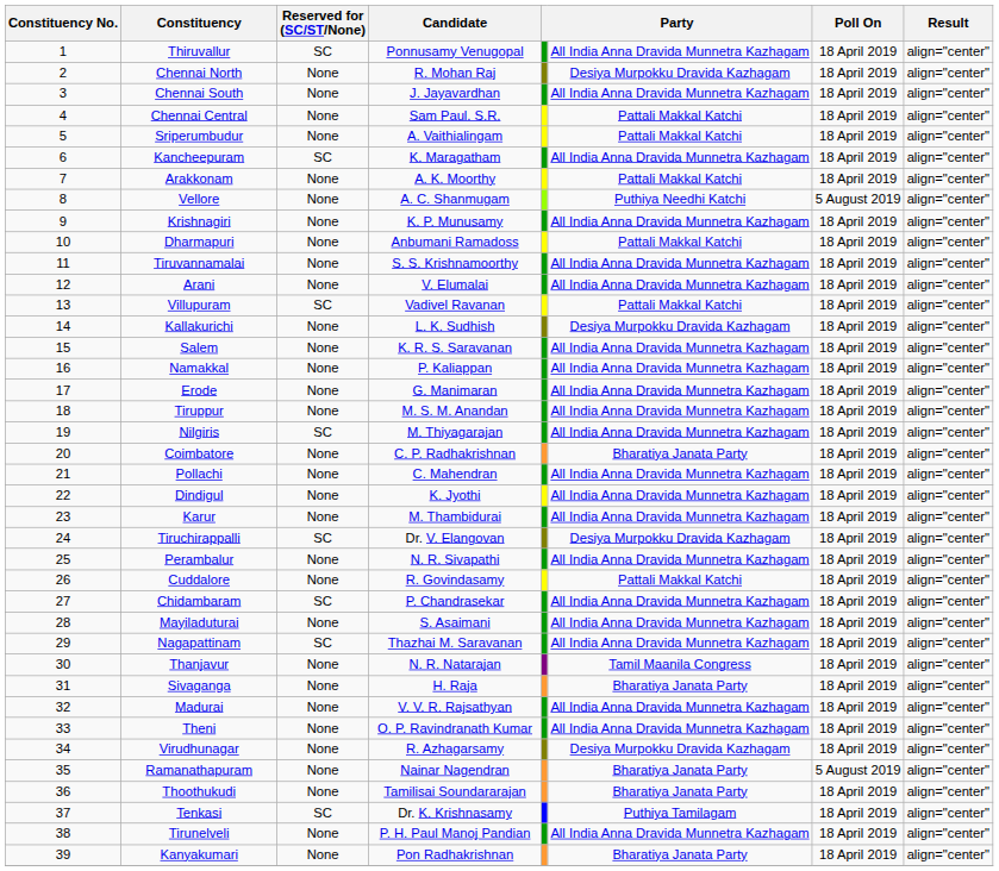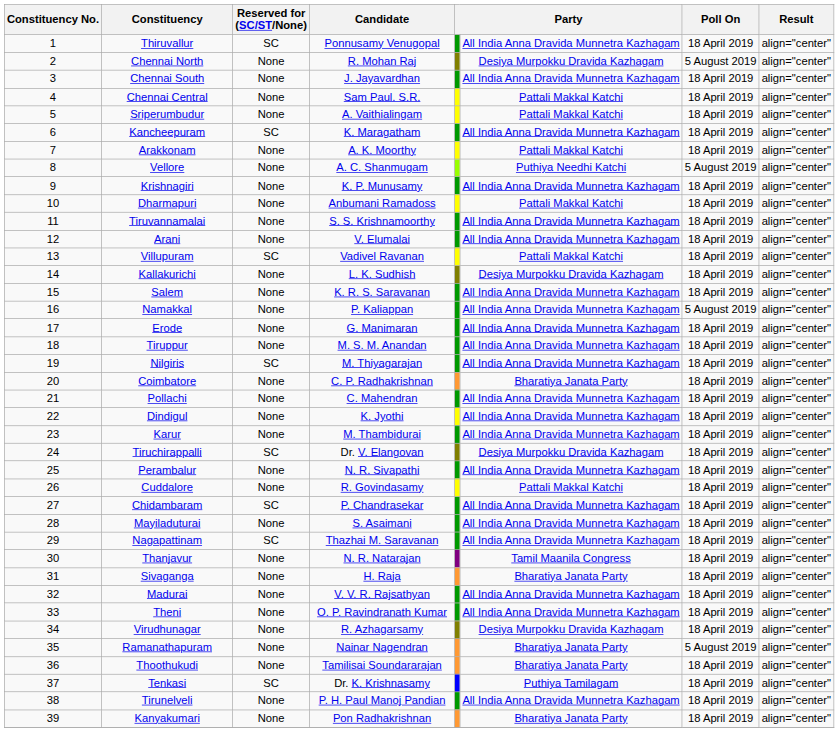 <table class="wikitable sortable" style="text-align:center;">
 <tr>
 <th>Constituency No.</th>
 <th style="width:180px;">Constituency</th>
 <th>Reserved for<br>(<a href='#'>SC/ST</a>/None)</th>
 <th style="width:200px;">Candidate</th>
 <th colspan="2">Party</th>
 <th>Poll On</th>
 <th>Result</th>
 </tr>
 <tr>
 <td align="center">1</td>
 <td><a href='#'>Thiruvallur</a></td>
 <td align="center">SC</td>
 <td><a href='#'>Ponnusamy Venugopal</a></td>
 <td bgcolor=#009900></td>
 <td><a href='#'>All India Anna Dravida Munnetra Kazhagam</a></td>
 <td align="center">18 April 2019</td>
 <td>align="center" </td>
 </tr>
 <tr>
 <td align="center">2</td>
 <td><a href='#'>Chennai North</a></td>
 <td align="center">None</td>
 <td><a href='#'>R. Mohan Raj</a></td>
 <td bgcolor=#808000></td>
 <td><a href='#'>Desiya Murpokku Dravida Kazhagam</a></td>
-<td align="center">18 April 2019</td>
+<td align="center">5 August 2019</td>
 <td>align="center" </td>
 </tr>
 <tr>
 <td align="center">3</td>
 <td><a href='#'>Chennai South</a></td>
 <td align="center">None</td>
 <td><a href='#'>J. Jayavardhan</a></td>
 <td bgcolor=#009900></td>
 <td><a href='#'>All India Anna Dravida Munnetra Kazhagam</a></td>
 <td align="center">18 April 2019</td>
 <td>align="center" </td>
 </tr>
 <tr>
 <td align="center">4</td>
 <td><a href='#'>Chennai Central</a></td>
 <td align="center">None</td>
 <td><a href='#'>Sam Paul. S.R.</a></td>
 <td bgcolor=#FFFF00></td>
 <td><a href='#'>Pattali Makkal Katchi</a></td>
 <td align="center">18 April 2019</td>
 <td>align="center" </td>
 </tr>
 <tr>
 <td align="center">5</td>
 <td><a href='#'>Sriperumbudur</a></td>
 <td align="center">None</td>
 <td><a href='#'>A. Vaithialingam</a></td>
 <td bgcolor=#FFFF00></td>
 <td><a href='#'>Pattali Makkal Katchi</a></td>
 <td align="center">18 April 2019</td>
 <td>align="center" </td>
 </tr>
 <tr>
 <td align="center">6</td>
 <td><a href='#'>Kancheepuram</a></td>
 <td align="center">SC</td>
 <td><a href='#'>K. Maragatham</a></td>
 <td bgcolor=#009900></td>
 <td><a href='#'>All India Anna Dravida Munnetra Kazhagam</a></td>
 <td align="center">18 April 2019</td>
 <td>align="center" </td>
 </tr>
 <tr>
 <td align="center">7</td>
 <td><a href='#'>Arakkonam</a></td>
 <td align="center">None</td>
 <td><a href='#'>A. K. Moorthy</a></td>
 <td bgcolor=#FFFF00></td>
 <td><a href='#'>Pattali Makkal Katchi</a></td>
 <td align="center">18 April 2019</td>
 <td>align="center" </td>
 </tr>
 <tr>
 <td align="center">8</td>
 <td><a href='#'>Vellore</a></td>
 <td align="center">None</td>
 <td><a href='#'>A. C. Shanmugam</a></td>
 <td bgcolor=#99FF00></td>
 <td><a href='#'>Puthiya Needhi Katchi</a></td>
 <td align="center">5 August 2019</td>
 <td>align="center" </td>
 </tr>
 <tr>
 <td align="center">9</td>
 <td><a href='#'>Krishnagiri</a></td>
 <td align="center">None</td>
 <td><a href='#'>K. P. Munusamy</a></td>
 <td bgcolor=#009900></td>
 <td><a href='#'>All India Anna Dravida Munnetra Kazhagam</a></td>
 <td align="center">18 April 2019</td>
 <td>align="center" </td>
 </tr>
 <tr>
 <td align="center">10</td>
 <td><a href='#'>Dharmapuri</a></td>
 <td align="center">None</td>
 <td><a href='#'>Anbumani Ramadoss</a></td>
 <td bgcolor=#FFFF00></td>
 <td><a href='#'>Pattali Makkal Katchi</a></td>
 <td align="center">18 April 2019</td>
 <td>align="center" </td>
 </tr>
 <tr>
 <td align="center">11</td>
 <td><a href='#'>Tiruvannamalai</a></td>
 <td align="center">None</td>
 <td><a href='#'>S. S. Krishnamoorthy</a></td>
 <td bgcolor=#009900></td>
 <td><a href='#'>All India Anna Dravida Munnetra Kazhagam</a></td>
 <td align="center">18 April 2019</td>
 <td>align="center" </td>
 </tr>
 <tr>
 <td align="center">12</td>
 <td><a href='#'>Arani</a></td>
 <td align="center">None</td>
 <td><a href='#'>V. Elumalai</a></td>
 <td bgcolor=#009900></td>
 <td><a href='#'>All India Anna Dravida Munnetra Kazhagam</a></td>
 <td align="center">18 April 2019</td>
 <td>align="center" </td>
 </tr>
 <tr>
 <td align="center">13</td>
 <td><a href='#'>Villupuram</a></td>
 <td align="center">SC</td>
 <td><a href='#'>Vadivel Ravanan</a></td>
 <td bgcolor=#FFFF00></td>
 <td><a href='#'>Pattali Makkal Katchi</a></td>
 <td align="center">18 April 2019</td>
 <td>align="center" </td>
 </tr>
 <tr>
 <td align="center">14</td>
 <td><a href='#'>Kallakurichi</a></td>
 <td align="center">None</td>
 <td><a href='#'>L. K. Sudhish</a></td>
 <td bgcolor=#808000></td>
 <td><a href='#'>Desiya Murpokku Dravida Kazhagam</a></td>
 <td align="center">18 April 2019</td>
 <td>align="center" </td>
 </tr>
 <tr>
 <td align="center">15</td>
 <td><a href='#'>Salem</a></td>
 <td align="center">None</td>
 <td><a href='#'>K. R. S. Saravanan</a></td>
 <td bgcolor=#009900></td>
 <td><a href='#'>All India Anna Dravida Munnetra Kazhagam</a></td>
 <td align="center">18 April 2019</td>
 <td>align="center" </td>
 </tr>
 <tr>
 <td align="center">16</td>
 <td><a href='#'>Namakkal</a></td>
 <td align="center">None</td>
 <td><a href='#'>P. Kaliappan</a></td>
 <td bgcolor=#009900></td>
 <td><a href='#'>All India Anna Dravida Munnetra Kazhagam</a></td>
-<td align="center">18 April 2019</td>
+<td align="center">5 August 2019</td>
 <td>align="center" </td>
 </tr>
 <tr>
 <td align="center">17</td>
 <td><a href='#'>Erode</a></td>
 <td align="center">None</td>
 <td><a href='#'>G. Manimaran</a></td>
 <td bgcolor=#009900></td>
 <td><a href='#'>All India Anna Dravida Munnetra Kazhagam</a></td>
 <td align="center">18 April 2019</td>
 <td>align="center" </td>
 </tr>
 <tr>
 <td align="center">18</td>
 <td><a href='#'>Tiruppur</a></td>
 <td align="center">None</td>
 <td><a href='#'>M. S. M. Anandan</a></td>
 <td bgcolor=#009900></td>
 <td><a href='#'>All India Anna Dravida Munnetra Kazhagam</a></td>
 <td align="center">18 April 2019</td>
 <td>align="center" </td>
 </tr>
 <tr>
 <td align="center">19</td>
 <td><a href='#'>Nilgiris</a></td>
 <td align="center">SC</td>
 <td><a href='#'>M. Thiyagarajan</a></td>
 <td bgcolor=#009900></td>
 <td><a href='#'>All India Anna Dravida Munnetra Kazhagam</a></td>
 <td align="center">18 April 2019</td>
 <td>align="center" </td>
 </tr>
 <tr>
 <td align="center">20</td>
 <td><a href='#'>Coimbatore</a></td>
 <td align="center">None</td>
 <td><a href='#'>C. P. Radhakrishnan</a></td>
 <td bgcolor=#FF9933></td>
 <td><a href='#'>Bharatiya Janata Party</a></td>
 <td align="center">18 April 2019</td>
 <td>align="center" </td>
 </tr>
 <tr>
 <td align="center">21</td>
 <td><a href='#'>Pollachi</a></td>
 <td align="center">None</td>
 <td><a href='#'>C. Mahendran</a></td>
 <td bgcolor=#009900></td>
 <td><a href='#'>All India Anna Dravida Munnetra Kazhagam</a></td>
 <td align="center">18 April 2019</td>
 <td>align="center" </td>
 </tr>
 <tr>
 <td align="center">22</td>
 <td><a href='#'>Dindigul</a></td>
 <td align="center">None</td>
 <td><a href='#'>K. Jyothi</a></td>
 <td bgcolor=#FFFF00></td>
 <td><a href='#'>All India Anna Dravida Munnetra Kazhagam</a></td>
 <td align="center">18 April 2019</td>
 <td>align="center" </td>
 </tr>
 <tr>
 <td align="center">23</td>
 <td><a href='#'>Karur</a></td>
 <td align="center">None</td>
 <td><a href='#'>M. Thambidurai</a></td>
 <td bgcolor=#009900></td>
 <td><a href='#'>All India Anna Dravida Munnetra Kazhagam</a></td>
 <td align="center">18 April 2019</td>
 <td>align="center" </td>
 </tr>
 <tr>
 <td align="center">24</td>
 <td><a href='#'>Tiruchirappalli</a></td>
 <td align="center">SC</td>
 <td>Dr. <a href='#'>V. Elangovan</a></td>
 <td bgcolor=#808000></td>
 <td><a href='#'>Desiya Murpokku Dravida Kazhagam</a></td>
 <td align="center">18 April 2019</td>
 <td>align="center" </td>
 </tr>
 <tr>
 <td align="center">25</td>
 <td><a href='#'>Perambalur</a></td>
 <td align="center">None</td>
 <td><a href='#'>N. R. Sivapathi</a></td>
 <td bgcolor=#009900></td>
 <td><a href='#'>All India Anna Dravida Munnetra Kazhagam</a></td>
 <td align="center">18 April 2019</td>
 <td>align="center" </td>
 </tr>
 <tr>
 <td align="center">26</td>
 <td><a href='#'>Cuddalore</a></td>
 <td align="center">None</td>
 <td><a href='#'>R. Govindasamy</a></td>
 <td bgcolor=#FFFF00></td>
 <td><a href='#'>Pattali Makkal Katchi</a></td>
 <td align="center">18 April 2019</td>
 <td>align="center" </td>
 </tr>
 <tr>
 <td align="center">27</td>
 <td><a href='#'>Chidambaram</a></td>
 <td align="center">SC</td>
 <td><a href='#'>P. Chandrasekar</a></td>
 <td bgcolor=#009900></td>
 <td><a href='#'>All India Anna Dravida Munnetra Kazhagam</a></td>
 <td align="center">18 April 2019</td>
 <td>align="center" </td>
 </tr>
 <tr>
 <td align="center">28</td>
 <td><a href='#'>Mayiladuturai</a></td>
 <td align="center">None</td>
 <td><a href='#'>S. Asaimani</a></td>
 <td bgcolor=#009900></td>
 <td><a href='#'>All India Anna Dravida Munnetra Kazhagam</a></td>
 <td align="center">18 April 2019</td>
 <td>align="center" </td>
 </tr>
 <tr>
 <td align="center">29</td>
 <td><a href='#'>Nagapattinam</a></td>
 <td align="center">SC</td>
 <td><a href='#'>Thazhai M. Saravanan</a></td>
 <td bgcolor=#009900></td>
 <td><a href='#'>All India Anna Dravida Munnetra Kazhagam</a></td>
 <td align="center">18 April 2019</td>
 <td>align="center" </td>
 </tr>
 <tr>
 <td align="center">30</td>
 <td><a href='#'>Thanjavur</a></td>
 <td align="center">None</td>
 <td><a href='#'>N. R. Natarajan</a></td>
 <td bgcolor=#800080></td>
 <td><a href='#'>Tamil Maanila Congress</a></td>
 <td align="center">18 April 2019</td>
 <td>align="center" </td>
 </tr>
 <tr>
 <td align="center">31</td>
 <td><a href='#'>Sivaganga</a></td>
 <td align="center">None</td>
 <td><a href='#'>H. Raja</a></td>
 <td bgcolor=#FF9933></td>
 <td><a href='#'>Bharatiya Janata Party</a></td>
 <td align="center">18 April 2019</td>
 <td>align="center" </td>
 </tr>
 <tr>
 <td align="center">32</td>
 <td><a href='#'>Madurai</a></td>
 <td align="center">None</td>
 <td><a href='#'>V. V. R. Rajsathyan</a></td>
 <td bgcolor=#009900></td>
 <td><a href='#'>All India Anna Dravida Munnetra Kazhagam</a></td>
 <td align="center">18 April 2019</td>
 <td>align="center" </td>
 </tr>
 <tr>
 <td align="center">33</td>
 <td><a href='#'>Theni</a></td>
 <td align="center">None</td>
 <td><a href='#'>O. P. Ravindranath Kumar</a></td>
 <td bgcolor=#009900></td>
 <td><a href='#'>All India Anna Dravida Munnetra Kazhagam</a></td>
 <td align="center">18 April 2019</td>
 <td>align="center" </td>
 </tr>
 <tr>
 <td align="center">34</td>
 <td><a href='#'>Virudhunagar</a></td>
 <td align="center">None</td>
 <td><a href='#'>R. Azhagarsamy</a></td>
 <td bgcolor=#808000></td>
 <td><a href='#'>Desiya Murpokku Dravida Kazhagam</a></td>
 <td align="center">18 April 2019</td>
 <td>align="center" </td>
 </tr>
 <tr>
 <td align="center">35</td>
 <td><a href='#'>Ramanathapuram</a></td>
 <td align="center">None</td>
 <td><a href='#'>Nainar Nagendran</a></td>
 <td bgcolor=#FF9933></td>
 <td><a href='#'>Bharatiya Janata Party</a></td>
 <td align="center">5 August 2019</td>
 <td>align="center" </td>
 </tr>
 <tr>
 <td align="center">36</td>
 <td><a href='#'>Thoothukudi</a></td>
 <td align="center">None</td>
 <td><a href='#'>Tamilisai Soundararajan</a></td>
 <td bgcolor=#FF9933></td>
 <td><a href='#'>Bharatiya Janata Party</a></td>
 <td align="center">18 April 2019</td>
 <td>align="center" </td>
 </tr>
 <tr>
 <td align="center">37</td>
 <td><a href='#'>Tenkasi</a></td>
 <td align="center">SC</td>
 <td>Dr. <a href='#'>K. Krishnasamy</a></td>
 <td bgcolor=#0000FF></td>
 <td><a href='#'>Puthiya Tamilagam</a></td>
 <td align="center">18 April 2019</td>
 <td>align="center" </td>
 </tr>
 <tr>
 <td align="center">38</td>
 <td><a href='#'>Tirunelveli</a></td>
 <td align="center">None</td>
 <td><a href='#'>P. H. Paul Manoj Pandian</a></td>
 <td bgcolor=#009900></td>
 <td><a href='#'>All India Anna Dravida Munnetra Kazhagam</a></td>
 <td align="center">18 April 2019</td>
 <td>align="center" </td>
 </tr>
 <tr>
 <td align="center">39</td>
 <td><a href='#'>Kanyakumari</a></td>
 <td align="center">None</td>
 <td><a href='#'>Pon Radhakrishnan</a></td>
 <td bgcolor=#FF9933></td>
 <td><a href='#'>Bharatiya Janata Party</a></td>
 <td align="center">18 April 2019</td>
 <td>align="center" </td>
 </tr>
 <tr>
 </tr>
 </table>
